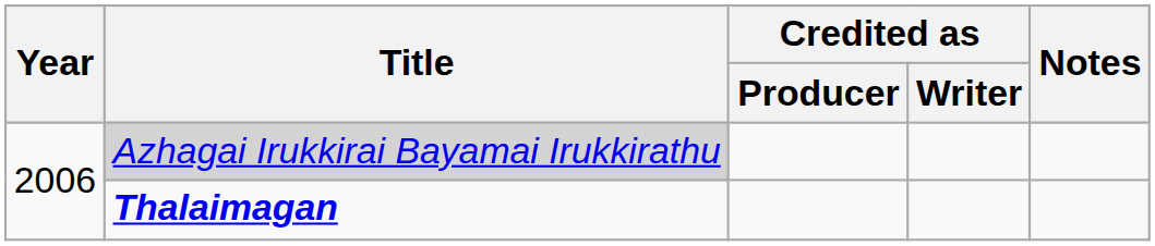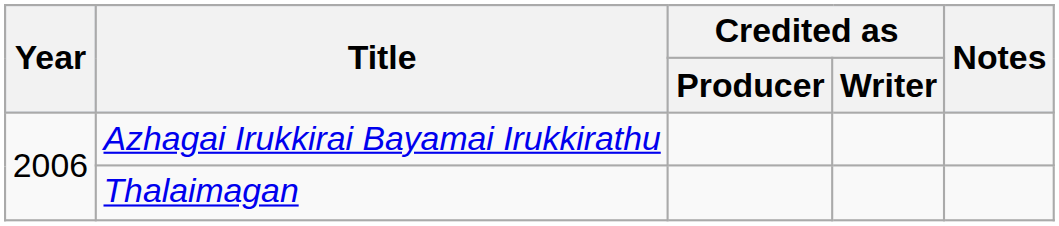 <table class="wikitable">
 <tr style="background:#B0C4DE; text-align:center;">
 <th rowspan="2" scope="col">Year</th>
 <th rowspan="2" scope="col">Title</th>
 <th scope="col"  colspan="2">Credited as</th>
 <th rowspan="2" class="unsortable" scope="col">Notes</th>
 </tr>
 <tr>
 <th>Producer</th>
 <th>Writer</th>
 </tr>
 <tr>
 <td rowspan="2">2006</td>
-<td style="background: lightgrey;"><em><a href='#'>Azhagai Irukkirai Bayamai Irukkirathu</a></em></td>
+<td><em><a href='#'>Azhagai Irukkirai Bayamai Irukkirathu</a></em></td>
 <td></td>
 <td></td>
 <td></td>
 </tr>
 <tr>
-<td><strong><em><a href='#'>Thalaimagan</a></em></strong></td>
+<td><em><a href='#'>Thalaimagan</a></em></td>
 <td></td>
 <td></td>
 <td></td>
 </tr>
 </table>
